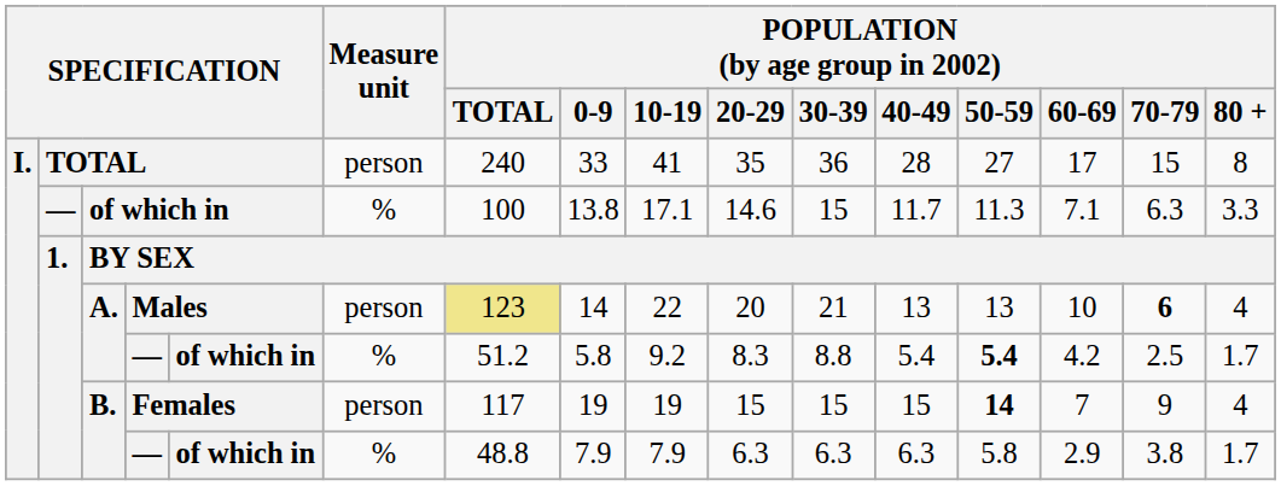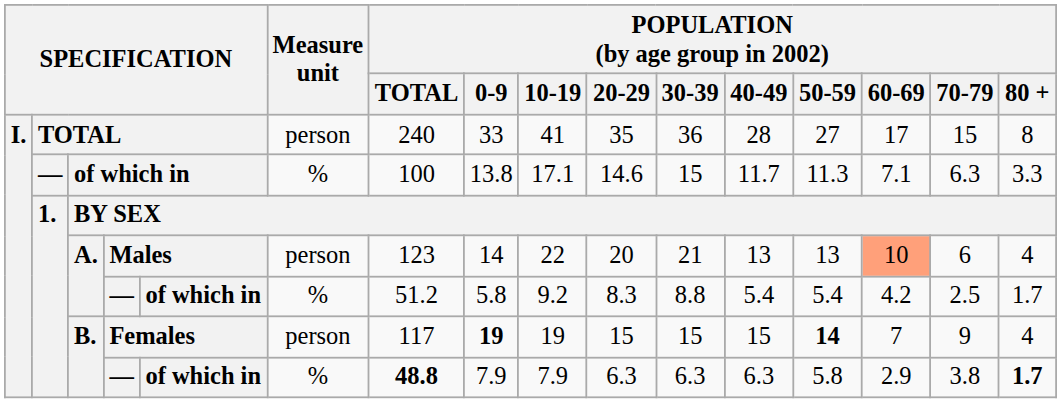 <table class="wikitable" style="font-size:85%; text-align:center">
 <tr>
 <th rowspan="2" colspan="5">SPECIFICATION</th>
 <th rowspan="2">Measure<br> unit</th>
 <th colspan="10" rowspan="1">POPULATION<br> (by age group in 2002)</th>
 </tr>
 <tr>
 <th>TOTAL</th>
 <th>0-9</th>
 <th>10-19</th>
 <th>20-29</th>
 <th>30-39</th>
 <th>40-49</th>
 <th>50-59</th>
 <th>60-69</th>
 <th>70-79</th>
 <th>80 +</th>
 </tr>
 <tr>
 <th style="text-align:left" valign="top" rowspan="7">I.</th>
 <th style="text-align:left" colspan="4">TOTAL</th>
 <td>person</td>
 <td>240</td>
 <td>33</td>
 <td>41</td>
 <td>35</td>
 <td>36</td>
 <td>28</td>
 <td>27</td>
 <td>17</td>
 <td>15</td>
 <td>8</td>
 </tr>
 <tr>
 <th style="text-align:left" valign="top">—</th>
 <th style="text-align:left" colspan="3">of which in</th>
 <td>%</td>
 <td>100</td>
 <td>13.8</td>
 <td>17.1</td>
 <td>14.6</td>
 <td>15</td>
 <td>11.7</td>
 <td>11.3</td>
 <td>7.1</td>
 <td>6.3</td>
 <td>3.3</td>
 </tr>
 <tr>
 <th style="text-align:left" valign="top" rowspan="5">1.</th>
 <th style="text-align:left" colspan="14">BY SEX</th>
 </tr>
 <tr>
 <th style="text-align:left" valign="top" rowspan="2">A.</th>
 <th style="text-align:left" colspan="2">Males</th>
 <td>person</td>
-<td style="background: khaki;">123</td>
+<td>123</td>
 <td>14</td>
 <td>22</td>
 <td>20</td>
 <td>21</td>
 <td>13</td>
 <td>13</td>
-<td>10</td>
-<td><strong>6</strong></td>
+<td style="background: lightsalmon;">10</td>
+<td>6</td>
 <td>4</td>
 </tr>
 <tr>
 <th style="text-align:left" valign="top">—</th>
 <th style="text-align:left" colspan="1">of which in</th>
 <td>%</td>
 <td>51.2</td>
 <td>5.8</td>
 <td>9.2</td>
 <td>8.3</td>
 <td>8.8</td>
 <td>5.4</td>
-<td><strong>5.4</strong></td>
+<td>5.4</td>
 <td>4.2</td>
 <td>2.5</td>
 <td>1.7</td>
 </tr>
 <tr>
 <th style="text-align:left" valign="top" rowspan="2">B.</th>
 <th style="text-align:left" colspan="2">Females</th>
 <td>person</td>
 <td>117</td>
-<td>19</td>
+<td><strong>19</strong></td>
 <td>19</td>
 <td>15</td>
 <td>15</td>
 <td>15</td>
 <td><strong>14</strong></td>
 <td>7</td>
 <td>9</td>
 <td>4</td>
 </tr>
 <tr>
 <th style="text-align:left" valign="top">—</th>
 <th style="text-align:left" colspan="1">of which in</th>
 <td>%</td>
-<td>48.8</td>
+<td><strong>48.8</strong></td>
 <td>7.9</td>
 <td>7.9</td>
 <td>6.3</td>
 <td>6.3</td>
 <td>6.3</td>
 <td>5.8</td>
 <td>2.9</td>
 <td>3.8</td>
-<td>1.7</td>
+<td><strong>1.7</strong></td>
 </tr>
 </table>
